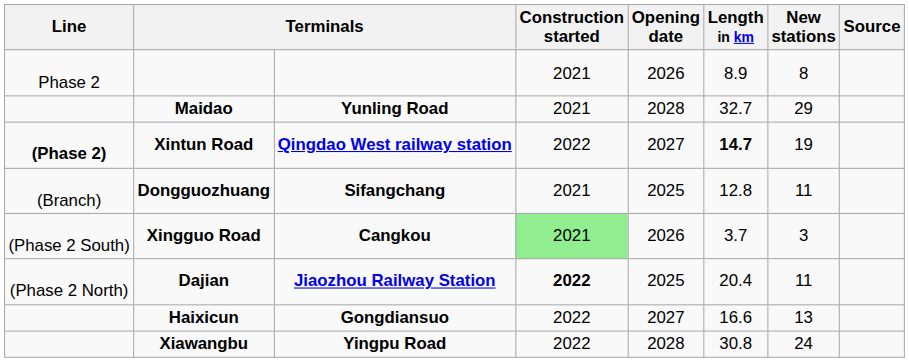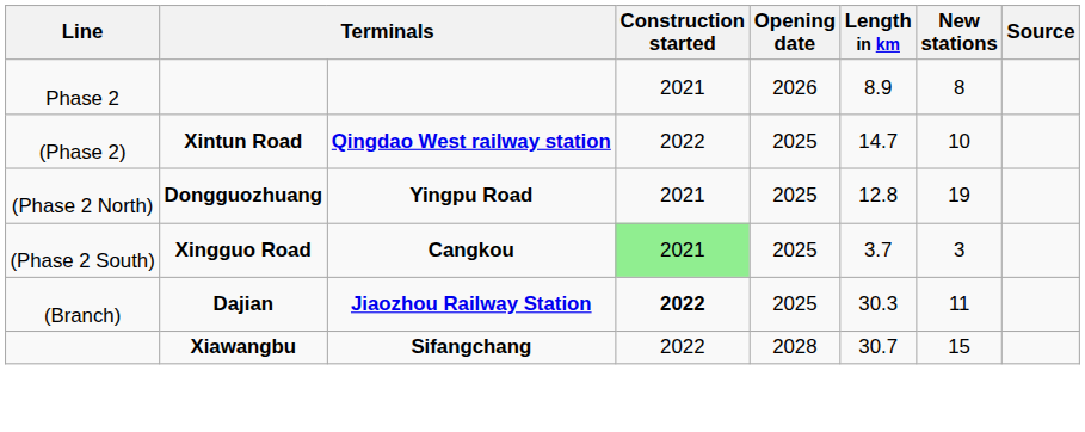 <table class="wikitable sortable" style="cell-padding:0.5em; text-align:center;">
 <tr>
 <th data-sort-type="text">Line</th>
 <th colspan="2" class="unsortable">Terminals</th>
 <th>Construction<br>started</th>
 <th>Opening<br>date</th>
 <th>Length<br><small><span>in <a href='#'>km</a></span></small></th>
 <th>New<br>stations</th>
 <th>Source</th>
 </tr>
 <tr>
 <td><br>Phase 2</td>
 <td><strong></strong></td>
 <td><strong></strong></td>
 <td>2021</td>
 <td>2026</td>
 <td>8.9</td>
 <td>8</td>
 <td></td>
 </tr>
 <tr>
-<td></td>
-<td><strong>Maidao</strong></td>
-<td><strong>Yunling Road</strong></td>
-<td>2021</td>
-<td>2028</td>
-<td>32.7</td>
-<td>29</td>
+<td><br>(Phase 2)</td>
+<td><strong>Xintun Road</strong></td>
+<td><strong><a href='#'>Qingdao West railway station</a></strong></td>
+<td>2022</td>
+<td>2025</td>
+<td>14.7</td>
+<td>10</td>
 <td></td>
 </tr>
 <tr>
-<td><strong><br>(Phase 2)</strong></td>
-<td><strong>Xintun Road</strong></td>
-<td><strong><a href='#'>Qingdao West railway station</a></strong></td>
-<td>2022</td>
-<td>2027</td>
-<td><strong>14.7</strong></td>
-<td>19</td>
-<td></td>
-</tr>
-<tr>
-<td><br>(Branch)</td>
+<td><br>(Phase 2 North)</td>
 <td><strong>Dongguozhuang</strong></td>
-<td><strong>Sifangchang</strong></td>
+<td><strong>Yingpu Road</strong></td>
 <td>2021</td>
 <td>2025</td>
 <td>12.8</td>
-<td>11</td>
+<td>19</td>
 <td></td>
 </tr>
 <tr>
 <td><br>(Phase 2 South)</td>
 <td><strong>Xingguo Road</strong></td>
 <td><strong>Cangkou</strong></td>
 <td style="background: lightgreen;">2021</td>
-<td>2026</td>
+<td>2025</td>
 <td>3.7</td>
 <td>3</td>
 <td></td>
 </tr>
 <tr>
-<td><br>(Phase 2 North)</td>
+<td><br>(Branch)</td>
 <td><strong>Dajian</strong></td>
 <td><strong><a href='#'>Jiaozhou Railway Station</a></strong></td>
 <td><strong>2022</strong></td>
 <td>2025</td>
-<td>20.4</td>
+<td>30.3</td>
 <td>11</td>
 <td></td>
 </tr>
 <tr>
 <td></td>
-<td><strong>Haixicun</strong></td>
-<td><strong>Gongdiansuo</strong></td>
-<td>2022</td>
-<td>2027</td>
-<td>16.6</td>
-<td>13</td>
-<td></td>
-</tr>
-<tr>
-<td></td>
 <td><strong>Xiawangbu</strong></td>
-<td><strong>Yingpu Road</strong></td>
+<td><strong>Sifangchang</strong></td>
 <td>2022</td>
 <td>2028</td>
-<td>30.8</td>
-<td>24</td>
+<td>30.7</td>
+<td>15</td>
 <td></td>
 </tr>
 </table>
